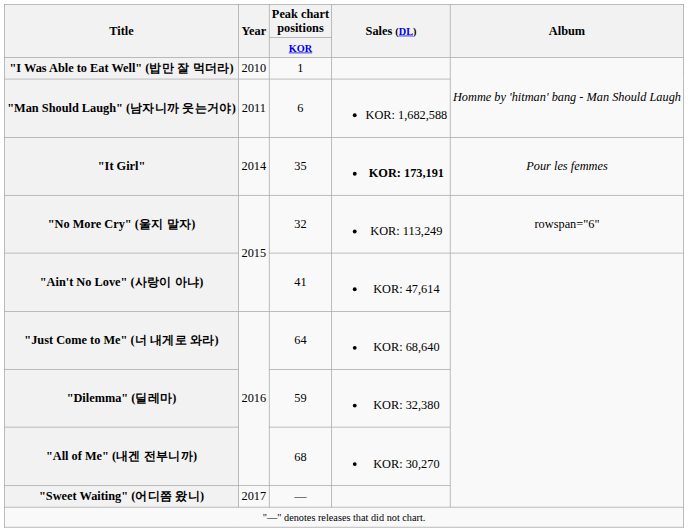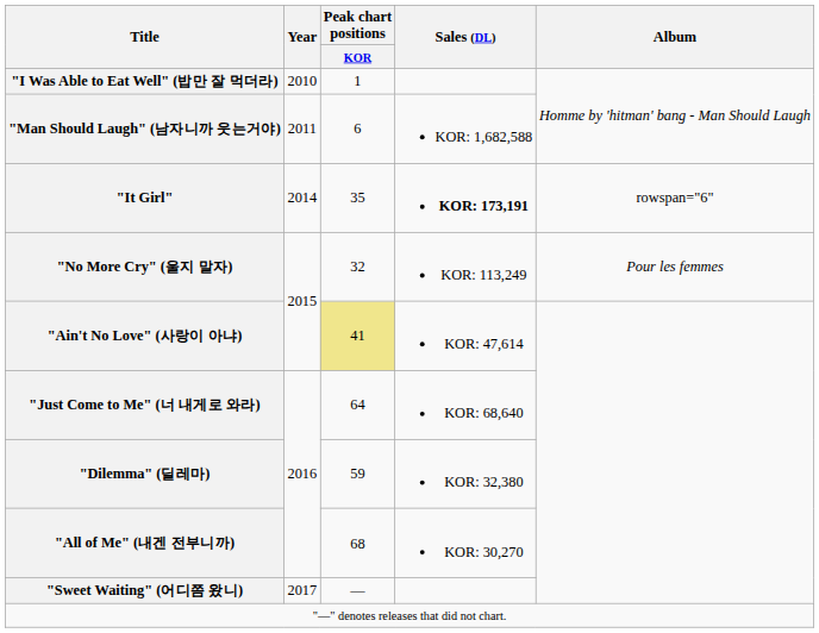 <table class="wikitable plainrowheaders" style="text-align:center;">
 <tr>
 <th scope="col" rowspan="2">Title</th>
 <th scope="col" rowspan="2">Year</th>
 <th scope="col" colspan="1">Peak chart <br> positions</th>
 <th scope="col" rowspan="2">Sales <small>(<a href='#'>DL</a>)</small></th>
 <th scope="col" rowspan="2">Album</th>
 </tr>
 <tr>
 <th><small><a href='#'>KOR</a></small><br></th>
 </tr>
 <tr>
 <th scope="row">"I Was Able to Eat Well" (밥만 잘 먹더라)</th>
 <td>2010</td>
 <td>1</td>
 <td></td>
 <td rowspan="2"><em>Homme by 'hitman' bang - Man Should Laugh</em></td>
 </tr>
 <tr>
 <th scope="row">"Man Should Laugh" (남자니까 웃는거야)</th>
 <td>2011</td>
 <td>6</td>
 <td><br><ul><li>KOR: 1,682,588</li></ul></td>
 </tr>
 <tr>
 <th scope="row">"It Girl"</th>
 <td>2014</td>
 <td>35</td>
 <td><strong><br><ul><li>KOR: 173,191</li></ul></strong></td>
-<td><em>Pour les femmes</em></td>
+<td>rowspan="6" </td>
 </tr>
 <tr>
 <th scope="row">"No More Cry" (울지 말자)</th>
 <td rowspan="2">2015</td>
 <td>32</td>
 <td><br><ul><li>KOR: 113,249</li></ul></td>
-<td>rowspan="6" </td>
+<td><em>Pour les femmes</em></td>
 </tr>
 <tr>
 <th scope="row">"Ain't No Love" (사랑이 아냐)</th>
-<td>41</td>
+<td style="background: khaki;">41</td>
 <td><br><ul><li>KOR: 47,614</li></ul></td>
 </tr>
 <tr>
 <th scope="row">"Just Come to Me" (너 내게로 와라)</th>
 <td rowspan="3">2016</td>
 <td>64</td>
 <td><br><ul><li>KOR: 68,640</li></ul></td>
 </tr>
 <tr>
 <th scope="row">"Dilemma" (딜레마)</th>
 <td>59</td>
 <td><br><ul><li>KOR: 32,380</li></ul></td>
 </tr>
 <tr>
 <th scope="row">"All of Me" (내겐 전부니까)</th>
 <td>68</td>
 <td><br><ul><li>KOR: 30,270</li></ul></td>
 </tr>
 <tr>
 <th scope="row">"Sweet Waiting" (어디쯤 왔니)</th>
 <td>2017</td>
 <td>—</td>
 <td></td>
 </tr>
 <tr>
 <td colspan="5" align="center"><small>"—" denotes releases that did not chart.</small></td>
 </tr>
 </table>
